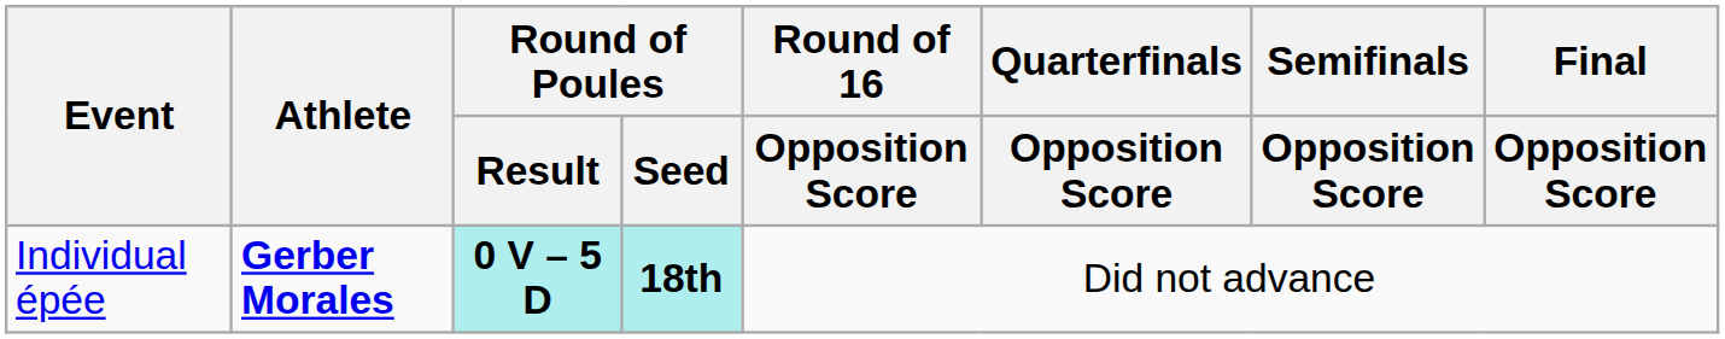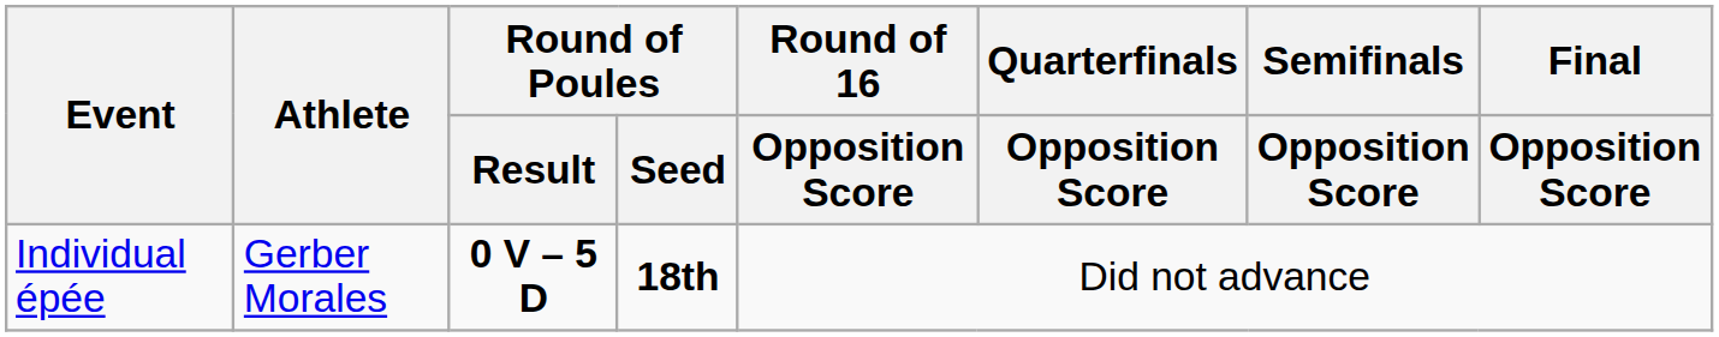 <table class="wikitable" border="1" style="font-size:90%">
 <tr>
 <th rowspan=2>Event</th>
 <th rowspan=2>Athlete</th>
 <th colspan=2>Round of Poules</th>
 <th>Round of 16</th>
 <th>Quarterfinals</th>
 <th>Semifinals</th>
 <th>Final</th>
 </tr>
 <tr>
 <th>Result</th>
 <th>Seed</th>
 <th>Opposition<br>Score</th>
 <th>Opposition<br>Score</th>
 <th>Opposition<br>Score</th>
 <th>Opposition<br>Score</th>
 </tr>
 <tr>
 <td><a href='#'>Individual épée</a></td>
-<td><strong><a href='#'>Gerber Morales</a></strong></td>
-<td align=center style="background: paleturquoise;"><strong>0 V – 5 D</strong></td>
-<td align=center style="background: paleturquoise;"><strong>18th</strong></td>
+<td><a href='#'>Gerber Morales</a></td>
+<td align=center><strong>0 V – 5 D</strong></td>
+<td align=center><strong>18th</strong></td>
 <td align=center colspan="7">Did not advance</td>
 </tr>
 </table>
